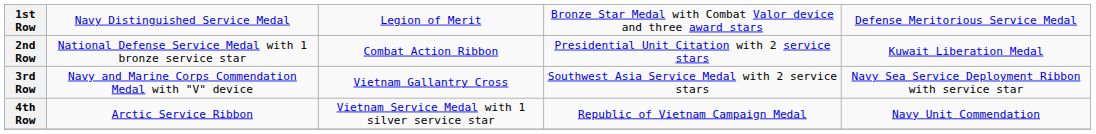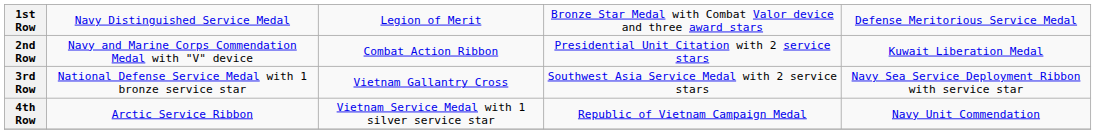 <table class="wikitable" style="margin:1em auto; text-align:center;">
 <tr>
 <th>1st Row</th>
 <td><a href='#'>Navy Distinguished Service Medal</a></td>
 <td><a href='#'>Legion of Merit</a></td>
 <td><a href='#'>Bronze Star Medal</a> with Combat <a href='#'>Valor device</a> and three <a href='#'>award stars</a></td>
 <td><a href='#'>Defense Meritorious Service Medal</a></td>
 </tr>
 <tr>
 <th>2nd Row</th>
-<td><a href='#'>National Defense Service Medal</a> with 1 bronze service star</td>
+<td><a href='#'>Navy and Marine Corps Commendation Medal</a> with "V" device</td>
 <td><a href='#'>Combat Action Ribbon</a></td>
 <td><a href='#'>Presidential Unit Citation</a> with 2 <a href='#'>service stars</a></td>
 <td><a href='#'>Kuwait Liberation Medal</a></td>
 </tr>
 <tr>
 <th>3rd Row</th>
-<td><a href='#'>Navy and Marine Corps Commendation Medal</a> with "V" device</td>
+<td><a href='#'>National Defense Service Medal</a> with 1 bronze service star</td>
 <td><a href='#'>Vietnam Gallantry Cross</a></td>
 <td><a href='#'>Southwest Asia Service Medal</a> with 2 service stars</td>
 <td><a href='#'>Navy Sea Service Deployment Ribbon</a> with service star</td>
 </tr>
 <tr>
 <th>4th Row</th>
 <td><a href='#'>Arctic Service Ribbon</a></td>
 <td><a href='#'>Vietnam Service Medal</a> with 1 silver service star</td>
 <td><a href='#'>Republic of Vietnam Campaign Medal</a></td>
 <td><a href='#'>Navy Unit Commendation</a></td>
 </tr>
 <tr>
 </tr>
 </table>
